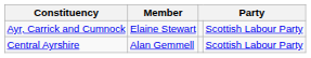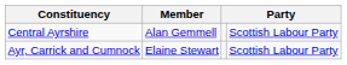 <table class="wikitable" style="font-size: 95%;">
 <tr>
 <th>Constituency</th>
 <th>Member</th>
 <th colspan=2>Party</th>
 </tr>
 <tr>
+<td><a href='#'>Central Ayrshire</a></td>
+<td><a href='#'>Alan Gemmell</a></td>
+<td style="background-color: "></td>
+<td><a href='#'>Scottish Labour Party</a></td>
+</tr>
+<tr>
 <td><a href='#'>Ayr, Carrick and Cumnock</a></td>
 <td><a href='#'>Elaine Stewart</a></td>
 <td style="background-color: "></td>
 <td><a href='#'>Scottish Labour Party</a></td>
 </tr>
-<tr>
-<td><a href='#'>Central Ayrshire</a></td>
-<td><a href='#'>Alan Gemmell</a></td>
-<td style="background-color: "></td>
-<td><a href='#'>Scottish Labour Party</a></td>
-</tr>
 </table>
